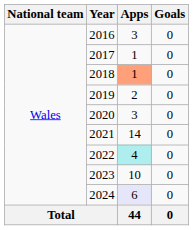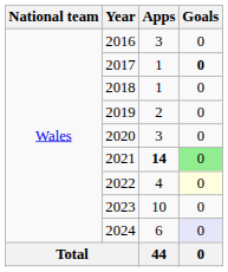 <table class=wikitable style="text-align: center">
 <tr>
 <th>National team</th>
 <th>Year</th>
 <th>Apps</th>
 <th>Goals</th>
 </tr>
 <tr>
 <td rowspan=9><a href='#'>Wales</a></td>
 <td>2016</td>
 <td>3</td>
 <td>0</td>
 </tr>
 <tr>
 <td>2017</td>
 <td>1</td>
-<td>0</td>
+<td><strong>0</strong></td>
 </tr>
 <tr>
 <td>2018</td>
-<td style="background: lightsalmon;">1</td>
+<td>1</td>
 <td>0</td>
 </tr>
 <tr>
 <td>2019</td>
 <td>2</td>
 <td>0</td>
 </tr>
 <tr>
 <td>2020</td>
 <td>3</td>
 <td>0</td>
 </tr>
 <tr>
 <td>2021</td>
-<td>14</td>
-<td>0</td>
+<td><strong>14</strong></td>
+<td style="background: lightgreen;">0</td>
 </tr>
 <tr>
 <td>2022</td>
-<td style="background: paleturquoise;">4</td>
-<td>0</td>
+<td>4</td>
+<td style="background: lightyellow;">0</td>
 </tr>
 <tr>
 <td>2023</td>
 <td>10</td>
 <td>0</td>
 </tr>
 <tr>
 <td>2024</td>
-<td style="background: lavender;">6</td>
-<td>0</td>
+<td>6</td>
+<td style="background: lavender;">0</td>
 </tr>
 <tr>
 <th colspan=2>Total</th>
 <th>44</th>
 <th>0</th>
 </tr>
 </table>
